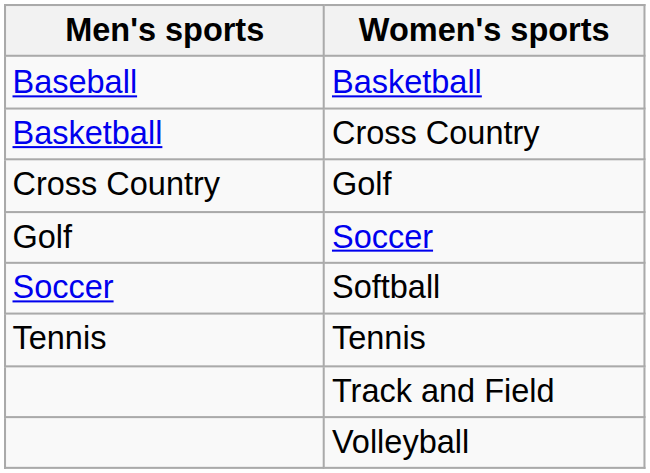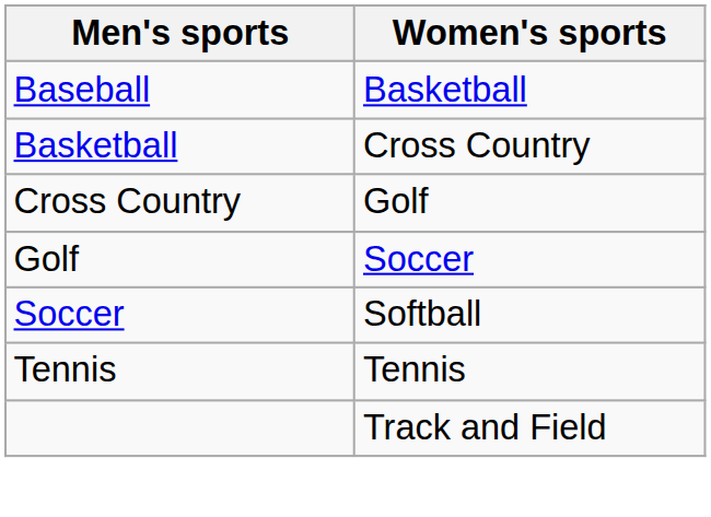 <table class="wikitable"; style= "text-align: ">
 <tr>
 <th width=150px>Men's sports</th>
 <th width=150px>Women's sports</th>
 </tr>
 <tr>
 <td><a href='#'>Baseball</a></td>
 <td><a href='#'>Basketball</a></td>
 </tr>
 <tr>
 <td><a href='#'>Basketball</a></td>
 <td>Cross Country</td>
 </tr>
 <tr>
 <td>Cross Country</td>
 <td>Golf</td>
 </tr>
 <tr>
 <td>Golf</td>
 <td><a href='#'>Soccer</a></td>
 </tr>
 <tr>
 <td><a href='#'>Soccer</a></td>
 <td>Softball</td>
 </tr>
 <tr>
 <td>Tennis</td>
 <td>Tennis</td>
 </tr>
 <tr>
 <td></td>
 <td>Track and Field</td>
 </tr>
-<tr>
-<td></td>
-<td>Volleyball</td>
-</tr>
 </table>
